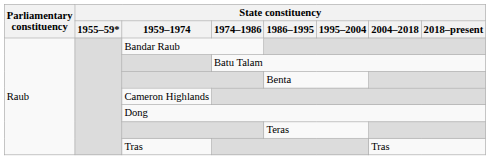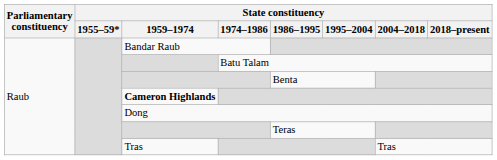 <table class="wikitable">
 <tr>
 <th rowspan="2">Parliamentary<br>constituency</th>
 <th colspan="7">State constituency</th>
 </tr>
 <tr>
 <th>1955–59*</th>
 <th>1959–1974</th>
 <th>1974–1986</th>
 <th>1986–1995</th>
 <th>1995–2004</th>
 <th>2004–2018</th>
 <th>2018–present</th>
 </tr>
 <tr>
 <td rowspan="7">Raub</td>
 <td rowspan="7" bgcolor="dcdcdc"></td>
 <td colspan="2">Bandar Raub</td>
 <td colspan="4" bgcolor="dcdcdc"></td>
 </tr>
 <tr>
 <td bgcolor="dcdcdc"></td>
 <td colspan="5">Batu Talam</td>
 </tr>
 <tr>
 <td colspan="2" bgcolor="dcdcdc"></td>
 <td colspan="2">Benta</td>
 <td colspan="2" bgcolor="dcdcdc"></td>
 </tr>
 <tr>
-<td>Cameron Highlands</td>
+<td><strong>Cameron Highlands</strong></td>
 <td colspan="5" bgcolor="dcdcdc"></td>
 </tr>
 <tr>
 <td colspan="6">Dong</td>
 </tr>
 <tr>
 <td colspan="2" bgcolor="dcdcdc"></td>
 <td colspan="2">Teras</td>
 <td colspan="2" bgcolor="dcdcdc"></td>
 </tr>
 <tr>
 <td>Tras</td>
 <td colspan="3" bgcolor="dcdcdc"></td>
 <td colspan="2">Tras</td>
 </tr>
 </table>
